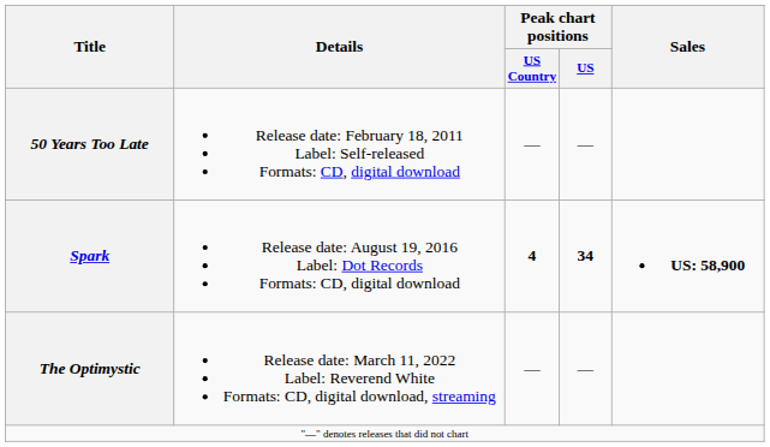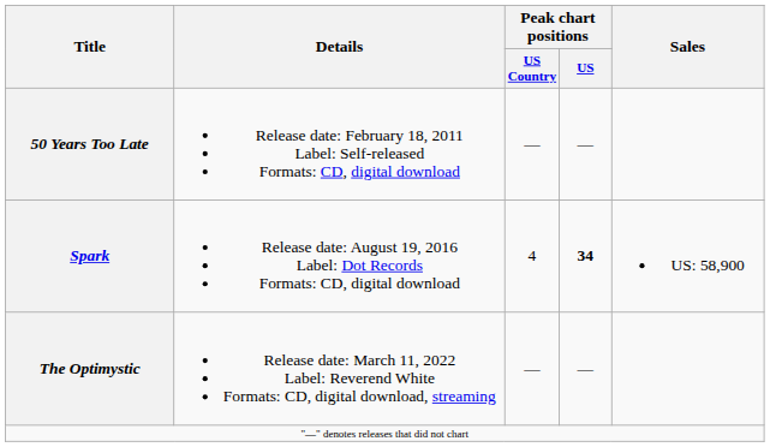 <table class="wikitable plainrowheaders" style="text-align:center;">
 <tr>
 <th rowspan="2" style="width:10em;">Title</th>
 <th rowspan="2" style="width:20em;">Details</th>
 <th colspan="2">Peak chart positions</th>
 <th rowspan="2" style="width:9em;">Sales</th>
 </tr>
 <tr style="font-size:smaller;">
 <th width="45"><a href='#'>US Country</a><br></th>
 <th width="45"><a href='#'>US</a><br></th>
 </tr>
 <tr>
 <th scope="row"><em>50 Years Too Late</em></th>
 <td><br><ul><li>Release date: February 18, 2011</li><li>Label: Self-released</li><li>Formats: <a href='#'>CD</a>, <a href='#'>digital download</a></li></ul></td>
 <td>—</td>
 <td>—</td>
 <td></td>
 </tr>
 <tr>
 <th scope="row"><em><a href='#'>Spark</a></em></th>
 <td><br><ul><li>Release date: August 19, 2016</li><li>Label: <a href='#'>Dot Records</a></li><li>Formats: CD, digital download</li></ul></td>
-<td><strong>4</strong></td>
+<td>4</td>
 <td><strong>34</strong></td>
-<td><strong><br><ul><li>US: 58,900</li></ul></strong></td>
+<td><br><ul><li>US: 58,900</li></ul></td>
 </tr>
 <tr>
 <th scope="row"><em>The Optimystic</em></th>
 <td><br><ul><li>Release date: March 11, 2022</li><li>Label: Reverend White</li><li>Formats: CD, digital download, <a href='#'>streaming</a></li></ul></td>
 <td>—</td>
 <td>—</td>
 <td></td>
 </tr>
 <tr>
 <td colspan="6" style="font-size:8pt">"—" denotes releases that did not chart</td>
 </tr>
 </table>
